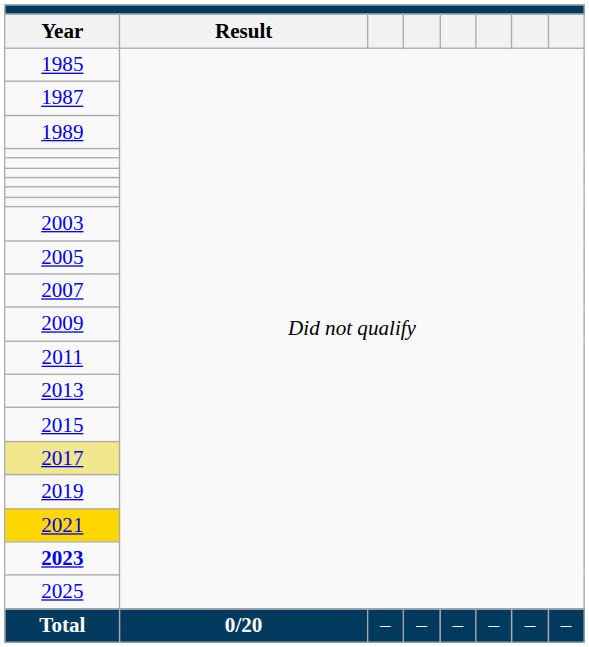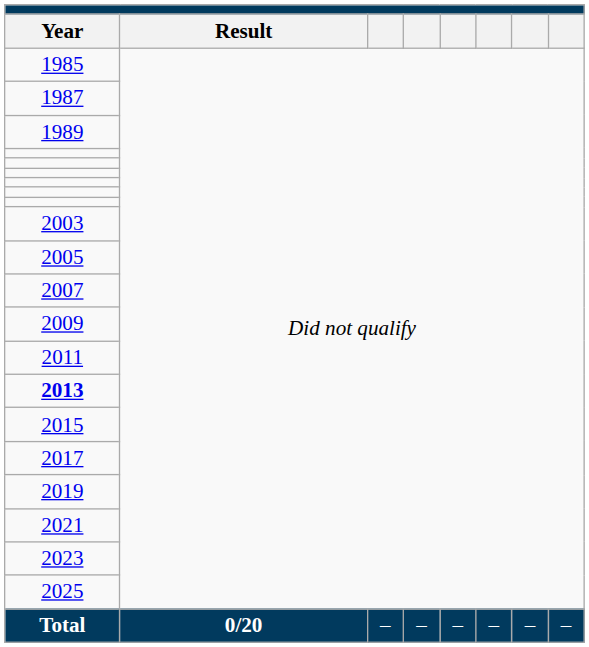 <table class="wikitable" style="text-align: center">
 <tr>
 <th colspan=9 style="background: #013A5E; color: #FFFFFF;"><a href='#'></a></th>
 </tr>
 <tr>
 <th width=80>Year</th>
 <th width=180>Result</th>
 <th width=20></th>
 <th width=20></th>
 <th width=20></th>
 <th width=20></th>
 <th width=20></th>
 <th width=20></th>
 </tr>
 <tr>
 <td> <a href='#'>1985</a></td>
 <td rowspan=21 colspan=7><em>Did not qualify</em></td>
 </tr>
 <tr>
 <td> <a href='#'>1987</a></td>
 </tr>
 <tr>
 <td> <a href='#'>1989</a></td>
 </tr>
 <tr>
 <td></td>
 </tr>
 <tr>
 <td></td>
 </tr>
 <tr>
 <td></td>
 </tr>
 <tr>
 <td></td>
 </tr>
 <tr>
 <td></td>
 </tr>
 <tr>
 <td></td>
 </tr>
 <tr>
 <td> <a href='#'>2003</a></td>
 </tr>
 <tr>
 <td> <a href='#'>2005</a></td>
 </tr>
 <tr>
 <td> <a href='#'>2007</a></td>
 </tr>
 <tr>
 <td> <a href='#'>2009</a></td>
 </tr>
 <tr>
 <td> <a href='#'>2011</a></td>
 </tr>
 <tr>
-<td> <a href='#'>2013</a></td>
+<td><strong> <a href='#'>2013</a></strong></td>
 </tr>
 <tr>
 <td> <a href='#'>2015</a></td>
 </tr>
 <tr>
-<td style="background: khaki;"> <a href='#'>2017</a></td>
+<td> <a href='#'>2017</a></td>
 </tr>
 <tr>
 <td> <a href='#'>2019</a></td>
 </tr>
 <tr>
-<td style="background: gold;"> <a href='#'>2021</a></td>
+<td> <a href='#'>2021</a></td>
 </tr>
 <tr>
-<td><strong> <a href='#'>2023</a></strong></td>
+<td> <a href='#'>2023</a></td>
 </tr>
 <tr>
 <td> <a href='#'>2025</a></td>
 </tr>
 <tr>
 <td style="background: #013A5E; color: #FFFFFF;"><strong>Total</strong></td>
 <td style="background: #013A5E; color: #FFFFFF;"><strong>0/20</strong></td>
 <td style="background: #013A5E; color: #FFFFFF;">–</td>
 <td style="background: #013A5E; color: #FFFFFF;">–</td>
 <td style="background: #013A5E; color: #FFFFFF;">–</td>
 <td style="background: #013A5E; color: #FFFFFF;">–</td>
 <td style="background: #013A5E; color: #FFFFFF;">–</td>
 <td style="background: #013A5E; color: #FFFFFF;">–</td>
 </tr>
 </table>
